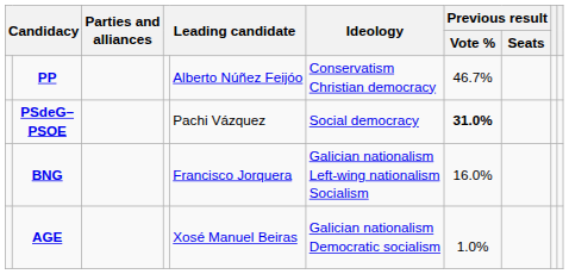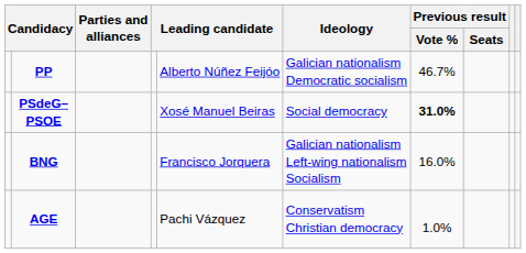 <table class="wikitable" style="line-height:1.35em; text-align:left;">
 <tr>
 <th colspan="2" rowspan="2">Candidacy</th>
 <th rowspan="2">Parties and<br>alliances</th>
 <th colspan="2" rowspan="2">Leading candidate</th>
 <th rowspan="2">Ideology</th>
 <th colspan="2">Previous result</th>
 <th rowspan="2"></th>
 <th rowspan="2"></th>
 </tr>
 <tr>
 <th>Vote %</th>
 <th>Seats</th>
 </tr>
 <tr>
 <td width="1" style="color:inherit;background:"></td>
 <td align="center"><strong><a href='#'>PP</a></strong></td>
 <td></td>
 <td></td>
 <td><a href='#'>Alberto Núñez Feijóo</a></td>
-<td><a href='#'>Conservatism</a><br><a href='#'>Christian democracy</a></td>
+<td><a href='#'>Galician nationalism</a><br><a href='#'>Democratic socialism</a></td>
 <td align="center">46.7%</td>
 <td></td>
 <td></td>
 <td></td>
 </tr>
 <tr>
 <td style="color:inherit;background:"></td>
 <td align="center"><strong><a href='#'>PSdeG–<br>PSOE</a></strong></td>
 <td></td>
 <td></td>
-<td>Pachi Vázquez</td>
+<td><a href='#'>Xosé Manuel Beiras</a></td>
 <td><a href='#'>Social democracy</a></td>
 <td align="center"><strong>31.0%</strong></td>
 <td></td>
 <td></td>
 <td></td>
 </tr>
 <tr>
 <td style="color:inherit;background:"></td>
 <td align="center"><strong><a href='#'>BNG</a></strong></td>
 <td></td>
 <td></td>
 <td><a href='#'>Francisco Jorquera</a></td>
 <td><a href='#'>Galician nationalism</a><br><a href='#'>Left-wing nationalism</a><br><a href='#'>Socialism</a></td>
 <td align="center">16.0%</td>
 <td></td>
 <td></td>
 <td></td>
 </tr>
 <tr>
 <td style="color:inherit;background:"></td>
 <td align="center"><strong><a href='#'>AGE</a></strong></td>
 <td></td>
 <td></td>
-<td><a href='#'>Xosé Manuel Beiras</a></td>
-<td><a href='#'>Galician nationalism</a><br><a href='#'>Democratic socialism</a></td>
+<td>Pachi Vázquez</td>
+<td><a href='#'>Conservatism</a><br><a href='#'>Christian democracy</a></td>
 <td align="center"><br>1.0%<br></td>
 <td></td>
 <td></td>
 <td><br><br><br></td>
 </tr>
 </table>
